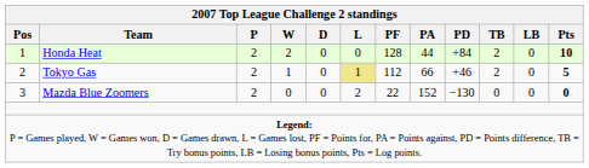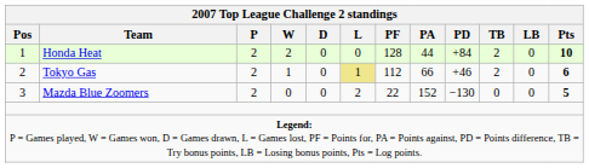 <table class="wikitable" style="text-align:center; font-size:100%; width:60%;">
 <tr>
 <th colspan="100%" cellpadding="0" cellspacing="0"><strong>2007 Top League Challenge 2 standings</strong></th>
 </tr>
 <tr>
 <th style="width:6%;">Pos</th>
 <th style="width:34%;">Team</th>
 <th style="width:6%;">P</th>
 <th style="width:6%;">W</th>
 <th style="width:6%;">D</th>
 <th style="width:6%;">L</th>
 <th style="width:6%;">PF</th>
 <th style="width:6%;">PA</th>
 <th style="width:6%;">PD</th>
 <th style="width:6%;">TB</th>
 <th style="width:6%;">LB</th>
 <th style="width:6%;">Pts<br></th>
 </tr>
 <tr style="background:#E8FFD8;">
 <td>1</td>
 <td style="text-align:left;"><a href='#'>Honda Heat</a></td>
 <td>2</td>
 <td>2</td>
 <td>0</td>
 <td>0</td>
 <td>128</td>
 <td>44</td>
 <td>+84</td>
 <td>2</td>
 <td>0</td>
 <td><strong>10</strong></td>
 </tr>
 <tr>
 <td>2</td>
 <td style="text-align:left;"><a href='#'>Tokyo Gas</a></td>
 <td>2</td>
 <td>1</td>
 <td>0</td>
 <td style="background: khaki;">1</td>
 <td>112</td>
 <td>66</td>
 <td>+46</td>
 <td>2</td>
 <td>0</td>
-<td><strong>5</strong></td>
+<td><strong>6</strong></td>
 </tr>
 <tr>
 <td>3</td>
 <td style="text-align:left;"><a href='#'>Mazda Blue Zoomers</a></td>
 <td>2</td>
 <td>0</td>
 <td>0</td>
 <td>2</td>
 <td>22</td>
 <td>152</td>
 <td>−130</td>
 <td>0</td>
 <td>0</td>
-<td><strong>0</strong></td>
+<td><strong>5</strong></td>
 </tr>
 <tr>
 <td colspan="100%" style="height:10px;"></td>
 </tr>
 <tr>
 <td colspan="100%"><small><strong>Legend:</strong> <br> P = Games played, W = Games won, D = Games drawn, L = Games lost, PF = Points for, PA = Points against, PD = Points difference, TB = Try bonus points, LB = Losing bonus points, Pts = Log points.</small></td>
 </tr>
 </table>
